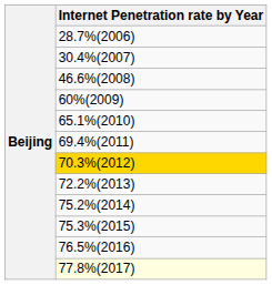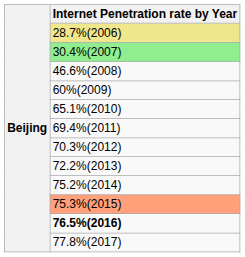 <table class="wikitable">
 <tr>
 <th rowspan="13">Beijing</th>
 <th>Internet Penetration rate by Year</th>
 </tr>
 <tr>
-<td>28.7%(2006)</td>
+<td style="background: khaki;">28.7%(2006)</td>
 </tr>
 <tr>
-<td>30.4%(2007)</td>
+<td style="background: lightgreen;">30.4%(2007)</td>
 </tr>
 <tr>
 <td>46.6%(2008)</td>
 </tr>
 <tr>
 <td>60%(2009)</td>
 </tr>
 <tr>
 <td>65.1%(2010)</td>
 </tr>
 <tr>
 <td>69.4%(2011)</td>
 </tr>
 <tr>
-<td style="background: gold;">70.3%(2012)</td>
+<td>70.3%(2012)</td>
 </tr>
 <tr>
 <td>72.2%(2013)</td>
 </tr>
 <tr>
 <td>75.2%(2014)</td>
 </tr>
 <tr>
-<td>75.3%(2015)</td>
+<td style="background: lightsalmon;">75.3%(2015)</td>
 </tr>
 <tr>
-<td>76.5%(2016)</td>
+<td><strong>76.5%(2016)</strong></td>
 </tr>
 <tr>
-<td style="background: lightyellow;">77.8%(2017)</td>
+<td>77.8%(2017)</td>
 </tr>
 </table>
